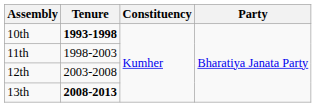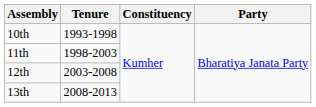 <table class="wikitable">
 <tr>
 <th>Assembly</th>
 <th>Tenure</th>
 <th>Constituency</th>
 <th>Party</th>
 </tr>
 <tr>
 <td>10th</td>
-<td><strong>1993-1998</strong></td>
+<td>1993-1998</td>
 <td rowspan="4"><a href='#'>Kumher</a></td>
 <td rowspan="4"><a href='#'>Bharatiya Janata Party</a></td>
 </tr>
 <tr>
 <td>11th</td>
 <td>1998-2003</td>
 </tr>
 <tr>
 <td>12th</td>
 <td>2003-2008</td>
 </tr>
 <tr>
 <td>13th</td>
-<td><strong>2008-2013</strong></td>
+<td>2008-2013</td>
 </tr>
 </table>
